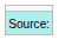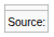 <table class="wikitable">
 <tr>
 <td align="left"></td>
 </tr>
 <tr>
-<td align="left" style="background: paleturquoise;"><small>Source:</small></td>
+<td align="left"><small>Source:</small></td>
 </tr>
 </table>
